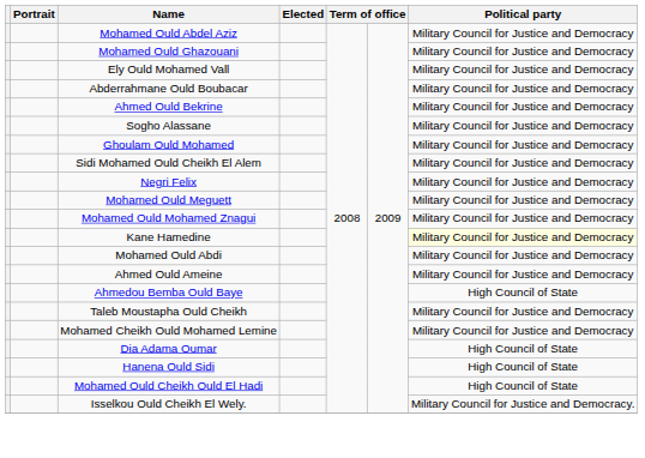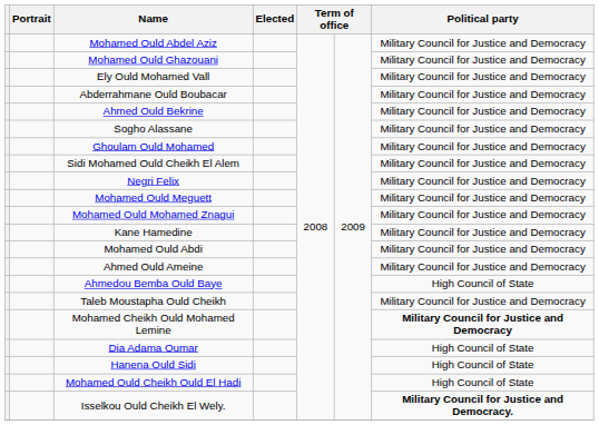 <table class="wikitable" style="text-align:center">
 <tr>
 <th></th>
 <th>Portrait</th>
 <th>Name</th>
 <th><strong>Elected</strong></th>
 <th colspan="2">Term of office</th>
 <th>Political party</th>
 </tr>
 <tr>
 <th></th>
 <td></td>
 <td><a href='#'>Mohamed Ould Abdel Aziz</a></td>
 <td></td>
 <td rowspan="21">2008</td>
 <td rowspan="21">2009</td>
 <td>Military Council for Justice and Democracy</td>
 </tr>
 <tr>
 <th></th>
 <td></td>
 <td><a href='#'>Mohamed Ould Ghazouani</a></td>
 <td></td>
 <td>Military Council for Justice and Democracy</td>
 </tr>
 <tr>
 <th></th>
 <td></td>
 <td>Ely Ould Mohamed Vall</td>
 <td></td>
 <td>Military Council for Justice and Democracy</td>
 </tr>
 <tr>
 <th></th>
 <td></td>
 <td>Abderrahmane Ould Boubacar</td>
 <td></td>
 <td>Military Council for Justice and Democracy</td>
 </tr>
 <tr>
 <th></th>
 <td></td>
 <td><a href='#'>Ahmed Ould Bekrine</a></td>
 <td></td>
 <td>Military Council for Justice and Democracy</td>
 </tr>
 <tr>
 <th></th>
 <td></td>
 <td>Sogho Alassane</td>
 <td></td>
 <td>Military Council for Justice and Democracy</td>
 </tr>
 <tr>
 <th></th>
 <td></td>
 <td><a href='#'>Ghoulam Ould Mohamed</a></td>
 <td></td>
 <td>Military Council for Justice and Democracy</td>
 </tr>
 <tr>
 <th></th>
 <td></td>
 <td>Sidi Mohamed Ould Cheikh El Alem</td>
 <td></td>
 <td>Military Council for Justice and Democracy</td>
 </tr>
 <tr>
 <th></th>
 <td></td>
 <td><a href='#'>Negri Felix</a></td>
 <td></td>
 <td>Military Council for Justice and Democracy</td>
 </tr>
 <tr>
 <th></th>
 <td></td>
 <td><a href='#'>Mohamed Ould Meguett</a></td>
 <td></td>
 <td>Military Council for Justice and Democracy</td>
 </tr>
 <tr>
 <th></th>
 <td></td>
 <td><a href='#'>Mohamed Ould Mohamed Znagui</a></td>
 <td></td>
 <td>Military Council for Justice and Democracy</td>
 </tr>
 <tr>
 <th></th>
 <td></td>
 <td>Kane Hamedine</td>
 <td></td>
-<td style="background: lightyellow;">Military Council for Justice and Democracy</td>
+<td>Military Council for Justice and Democracy</td>
 </tr>
 <tr>
 <th></th>
 <td></td>
 <td>Mohamed Ould Abdi</td>
 <td></td>
 <td>Military Council for Justice and Democracy</td>
 </tr>
 <tr>
 <th></th>
 <td></td>
 <td>Ahmed Ould Ameine</td>
 <td></td>
 <td>Military Council for Justice and Democracy</td>
 </tr>
 <tr>
 <th></th>
 <td></td>
 <td><a href='#'>Ahmedou Bemba Ould Baye</a></td>
 <td></td>
 <td>High Council of State</td>
 </tr>
 <tr>
 <th></th>
 <td></td>
 <td>Taleb Moustapha Ould Cheikh</td>
 <td></td>
 <td>Military Council for Justice and Democracy</td>
 </tr>
 <tr>
 <th></th>
 <td></td>
 <td>Mohamed Cheikh Ould Mohamed Lemine</td>
 <td></td>
-<td>Military Council for Justice and Democracy</td>
+<td><strong>Military Council for Justice and Democracy</strong></td>
 </tr>
 <tr>
 <th></th>
 <td></td>
 <td><a href='#'>Dia Adama Oumar</a></td>
 <td></td>
 <td>High Council of State</td>
 </tr>
 <tr>
 <th></th>
 <td></td>
 <td><a href='#'>Hanena Ould Sidi</a></td>
 <td></td>
 <td>High Council of State</td>
 </tr>
 <tr>
 <th></th>
 <td></td>
 <td><a href='#'>Mohamed Ould Cheikh Ould El Hadi</a></td>
 <td></td>
 <td>High Council of State</td>
 </tr>
 <tr>
 <th></th>
 <td></td>
 <td>Isselkou Ould Cheikh El Wely.</td>
 <td></td>
-<td>Military Council for Justice and Democracy.</td>
+<td><strong>Military Council for Justice and Democracy.</strong></td>
 </tr>
 <tr>
 </tr>
 </table>
